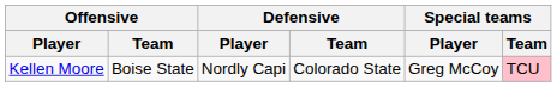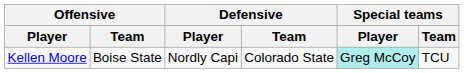 <table class="wikitable">
 <tr>
 <th colspan="2">Offensive</th>
 <th colspan="2">Defensive</th>
 <th colspan="2">Special teams</th>
 </tr>
 <tr>
 <th>Player</th>
 <th>Team</th>
 <th>Player</th>
 <th>Team</th>
 <th>Player</th>
 <th>Team</th>
 </tr>
 <tr>
 <td><a href='#'>Kellen Moore</a></td>
 <td>Boise State</td>
 <td>Nordly Capi</td>
 <td>Colorado State</td>
-<td>Greg McCoy</td>
-<td style="background: pink;">TCU</td>
+<td style="background: paleturquoise;">Greg McCoy</td>
+<td>TCU</td>
 </tr>
 </table>
